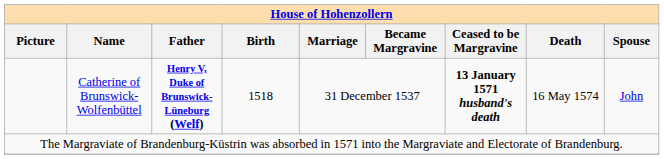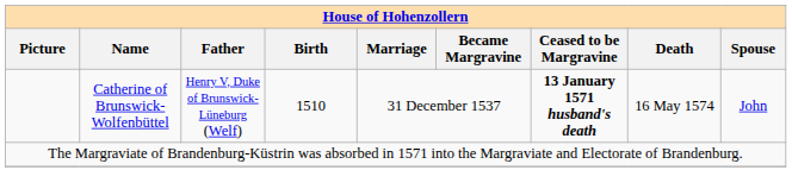 <table width=95% class="wikitable">
 <tr>
 <td colspan="9" bgcolor=#FFDEAD align=center><strong><a href='#'>House of Hohenzollern</a></strong></td>
 </tr>
 <tr>
 <th width = "8%">Picture</th>
 <th width = "11%">Name</th>
 <th width = "9%">Father</th>
 <th width = "10%">Birth</th>
 <th width = "8%">Marriage</th>
 <th width = "8%">Became Margravine</th>
 <th width = "10%">Ceased to be Margravine</th>
 <th width = "10%">Death</th>
 <th width = "7%">Spouse</th>
 </tr>
 <tr>
 <td align="center"></td>
 <td align="center"><a href='#'>Catherine of Brunswick-Wolfenbüttel</a></td>
-<td align="center"><strong><small><a href='#'>Henry V, Duke of Brunswick-Lüneburg</a></small><br>(<a href='#'>Welf</a>)</strong></td>
-<td align="center">1518</td>
+<td align="center"><small><a href='#'>Henry V, Duke of Brunswick-Lüneburg</a></small><br>(<a href='#'>Welf</a>)</td>
+<td align="center">1510</td>
 <td align="center" colspan="2">31 December 1537</td>
 <td align="center"><strong>13 January 1571<br><em>husband's death</em></strong></td>
 <td align="center">16 May 1574</td>
 <td align="center"><a href='#'>John</a></td>
 </tr>
 <tr>
 <td align="center" colspan="9">The Margraviate of Brandenburg-Küstrin was absorbed in 1571 into the Margraviate and Electorate of Brandenburg.</td>
 </tr>
 <tr>
 </tr>
 </table>
